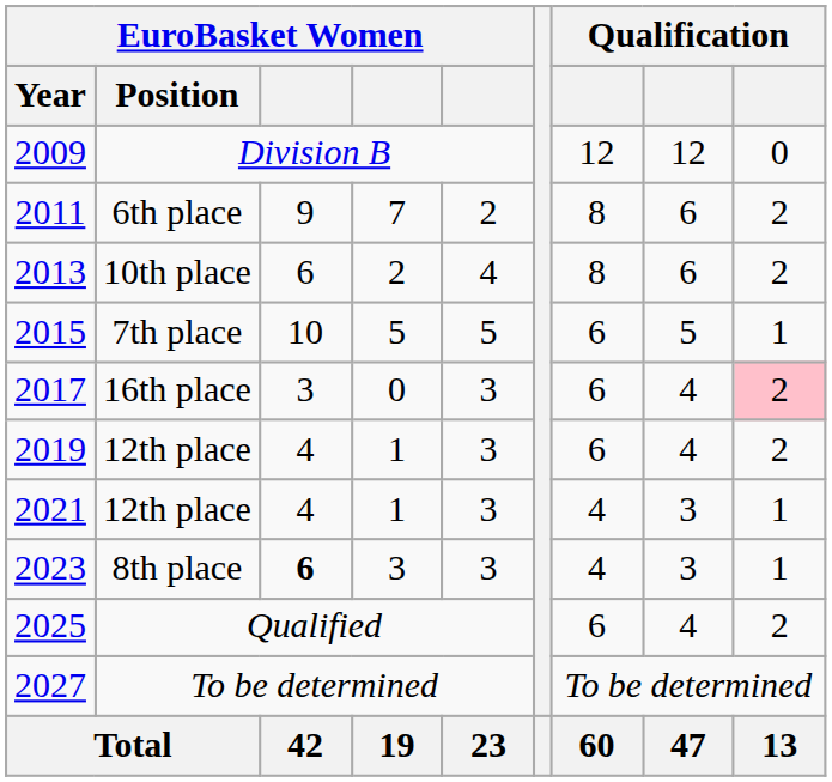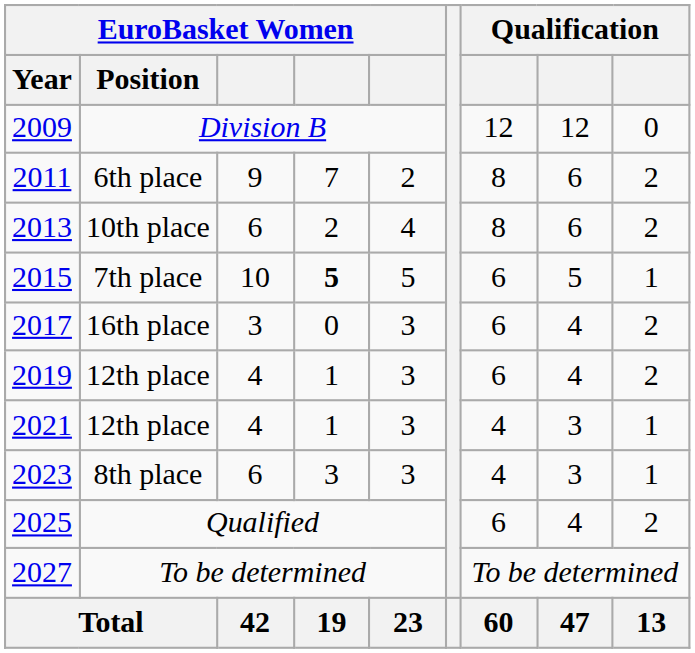 <table class="wikitable" style="text-align: center;font-size:90%;">
 <tr>
 <th colspan=5><a href='#'>EuroBasket Women</a></th>
 <th rowspan=12></th>
 <th colspan=3>Qualification</th>
 </tr>
 <tr>
 <th>Year</th>
 <th>Position</th>
 <th width=30></th>
 <th width=30></th>
 <th width=30></th>
 <th width=30></th>
 <th width=30></th>
 <th width=30></th>
 </tr>
 <tr>
 <td> <a href='#'>2009</a></td>
 <td colspan=4><em><a href='#'>Division B</a></em></td>
 <td>12</td>
 <td>12</td>
 <td>0</td>
 </tr>
 <tr>
 <td> <a href='#'>2011</a></td>
 <td>6th place</td>
 <td>9</td>
 <td>7</td>
 <td>2</td>
 <td>8</td>
 <td>6</td>
 <td>2</td>
 </tr>
 <tr>
 <td> <a href='#'>2013</a></td>
 <td>10th place</td>
 <td>6</td>
 <td>2</td>
 <td>4</td>
 <td>8</td>
 <td>6</td>
 <td>2</td>
 </tr>
 <tr>
 <td> <a href='#'>2015</a></td>
 <td>7th place</td>
 <td>10</td>
-<td>5</td>
+<td><strong>5</strong></td>
 <td>5</td>
 <td>6</td>
 <td>5</td>
 <td>1</td>
 </tr>
 <tr>
 <td> <a href='#'>2017</a></td>
 <td>16th place</td>
 <td>3</td>
 <td>0</td>
 <td>3</td>
 <td>6</td>
 <td>4</td>
-<td style="background: pink;">2</td>
+<td>2</td>
 </tr>
 <tr>
 <td> <a href='#'>2019</a></td>
 <td>12th place</td>
 <td>4</td>
 <td>1</td>
 <td>3</td>
 <td>6</td>
 <td>4</td>
 <td>2</td>
 </tr>
 <tr>
 <td> <a href='#'>2021</a></td>
 <td>12th place</td>
 <td>4</td>
 <td>1</td>
 <td>3</td>
 <td>4</td>
 <td>3</td>
 <td>1</td>
 </tr>
 <tr>
 <td> <a href='#'>2023</a></td>
 <td>8th place</td>
-<td><strong>6</strong></td>
+<td>6</td>
 <td>3</td>
 <td>3</td>
 <td>4</td>
 <td>3</td>
 <td>1</td>
 </tr>
 <tr>
 <td> <a href='#'>2025</a></td>
 <td colspan=4><em>Qualified</em></td>
 <td>6</td>
 <td>4</td>
 <td>2</td>
 </tr>
 <tr>
 <td> <a href='#'>2027</a></td>
 <td colspan=4><em>To be determined</em></td>
 <td colspan=3><em>To be determined</em></td>
 </tr>
 <tr>
 <th colspan=2>Total</th>
 <th>42</th>
 <th>19</th>
 <th>23</th>
 <th></th>
 <th>60</th>
 <th>47</th>
 <th>13</th>
 </tr>
 </table>
